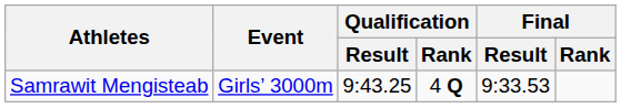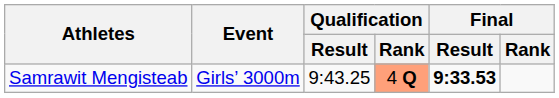 <table class="wikitable" border="1" style="font-size:90%">
 <tr>
 <th rowspan=2>Athletes</th>
 <th rowspan=2>Event</th>
 <th colspan=2>Qualification</th>
 <th colspan=2>Final</th>
 </tr>
 <tr>
 <th>Result</th>
 <th>Rank</th>
 <th>Result</th>
 <th>Rank</th>
 </tr>
 <tr>
 <td><a href='#'>Samrawit Mengisteab</a></td>
 <td><a href='#'>Girls’ 3000m</a></td>
 <td align=center>9:43.25</td>
-<td align=center>4 <strong>Q</strong></td>
-<td align=center>9:33.53</td>
+<td align=center style="background: lightsalmon;">4 <strong>Q</strong></td>
+<td align=center><strong>9:33.53</strong></td>
 <td align=center></td>
 </tr>
 </table>
